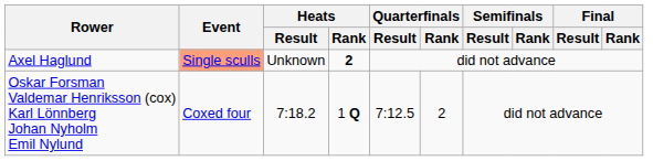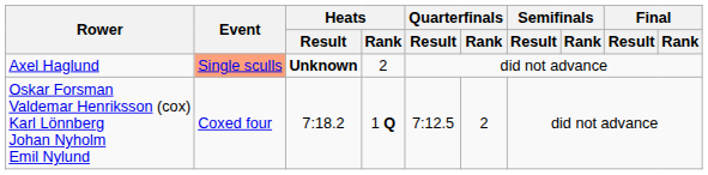 <table class=wikitable style="font-size:90%">
 <tr>
 <th rowspan=2>Rower</th>
 <th rowspan=2>Event</th>
 <th colspan=2>Heats</th>
 <th colspan=2>Quarterfinals</th>
 <th colspan=2>Semifinals</th>
 <th colspan=2>Final</th>
 </tr>
 <tr>
 <th>Result</th>
 <th>Rank</th>
 <th>Result</th>
 <th>Rank</th>
 <th>Result</th>
 <th>Rank</th>
 <th>Result</th>
 <th>Rank</th>
 </tr>
 <tr>
 <td><a href='#'>Axel Haglund</a></td>
 <td style="background: lightsalmon;"><a href='#'>Single sculls</a></td>
-<td align=center>Unknown</td>
-<td align=center><strong>2</strong></td>
+<td align=center><strong>Unknown</strong></td>
+<td align=center>2</td>
 <td align=center colspan=6>did not advance</td>
 </tr>
 <tr>
 <td><a href='#'>Oskar Forsman</a> <br> <a href='#'>Valdemar Henriksson</a> (cox) <br> <a href='#'>Karl Lönnberg</a> <br> <a href='#'>Johan Nyholm</a> <br> <a href='#'>Emil Nylund</a></td>
 <td><a href='#'>Coxed four</a></td>
 <td align=center>7:18.2</td>
 <td align=center>1 <strong>Q</strong></td>
 <td align=center>7:12.5</td>
 <td align=center>2</td>
 <td align=center colspan=4>did not advance</td>
 </tr>
 </table>
